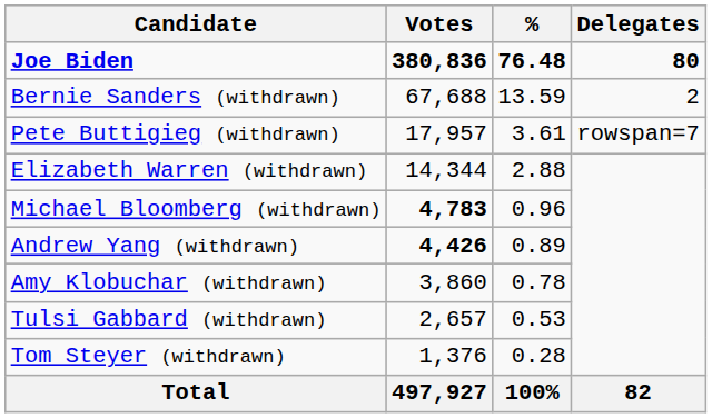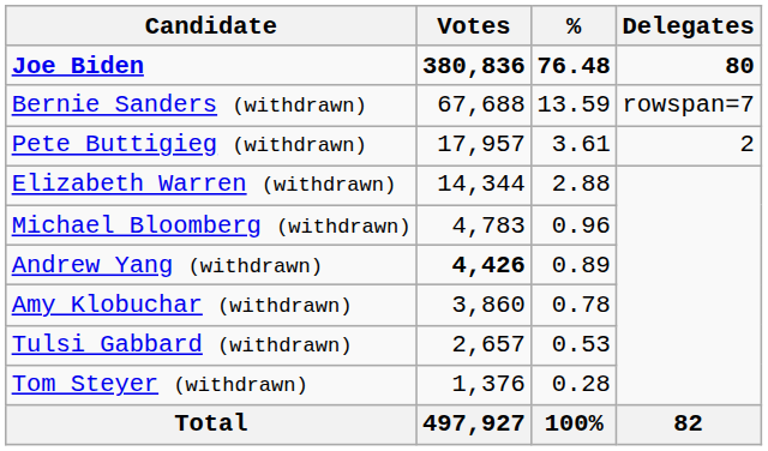 <table class="wikitable sortable" style="text-align:right;">
 <tr>
 <th>Candidate</th>
 <th>Votes</th>
 <th>%</th>
 <th>Delegates</th>
 </tr>
 <tr>
 <td style="text-align:left;" data-sort-value="Biden, Joe"><strong><a href='#'>Joe Biden</a></strong></td>
 <td><strong>380,836</strong></td>
 <td><strong>76.48</strong></td>
 <td><strong>80</strong></td>
 </tr>
 <tr>
 <td style="text-align:left;" data-sort-value="Sanders, Bernie"><a href='#'>Bernie Sanders</a> <small>(withdrawn)</small></td>
 <td>67,688</td>
 <td>13.59</td>
-<td>2</td>
+<td>rowspan=7 </td>
 </tr>
 <tr>
 <td style="text-align:left;" data-sort-value="Buttigieg, Pete"><a href='#'>Pete Buttigieg</a> <small>(withdrawn)</small></td>
 <td>17,957</td>
 <td>3.61</td>
-<td>rowspan=7 </td>
+<td>2</td>
 </tr>
 <tr>
 <td style="text-align:left;" data-sort-value="Warren, Elizabeth"><a href='#'>Elizabeth Warren</a> <small>(withdrawn)</small></td>
 <td>14,344</td>
 <td>2.88</td>
 </tr>
 <tr>
 <td style="text-align:left;" data-sort-value="Bloomberg, Michael"><a href='#'>Michael Bloomberg</a> <small>(withdrawn)</small></td>
-<td><strong>4,783</strong></td>
+<td>4,783</td>
 <td>0.96</td>
 </tr>
 <tr>
 <td style="text-align:left;" data-sort-value="Yang, Andrew"><a href='#'>Andrew Yang</a> <small>(withdrawn)</small></td>
 <td><strong>4,426</strong></td>
 <td>0.89</td>
 </tr>
 <tr>
 <td style="text-align:left;" data-sort-value="Klobuchar, Amy"><a href='#'>Amy Klobuchar</a> <small>(withdrawn)</small></td>
 <td>3,860</td>
 <td>0.78</td>
 </tr>
 <tr>
 <td style="text-align:left;" data-sort-value="Gabbard, Tulsi"><a href='#'>Tulsi Gabbard</a> <small>(withdrawn)</small></td>
 <td>2,657</td>
 <td>0.53</td>
 </tr>
 <tr>
 <td style="text-align:left;" data-sort-value="Steyer, Tom"><a href='#'>Tom Steyer</a> <small>(withdrawn)</small></td>
 <td>1,376</td>
 <td>0.28</td>
 </tr>
 <tr>
 <th>Total</th>
 <th>497,927</th>
 <th>100%</th>
 <th>82</th>
 </tr>
 </table>
